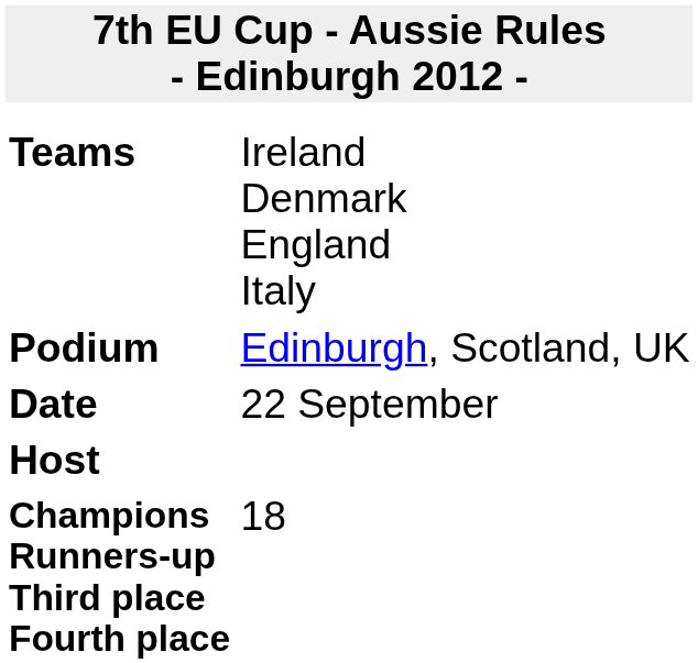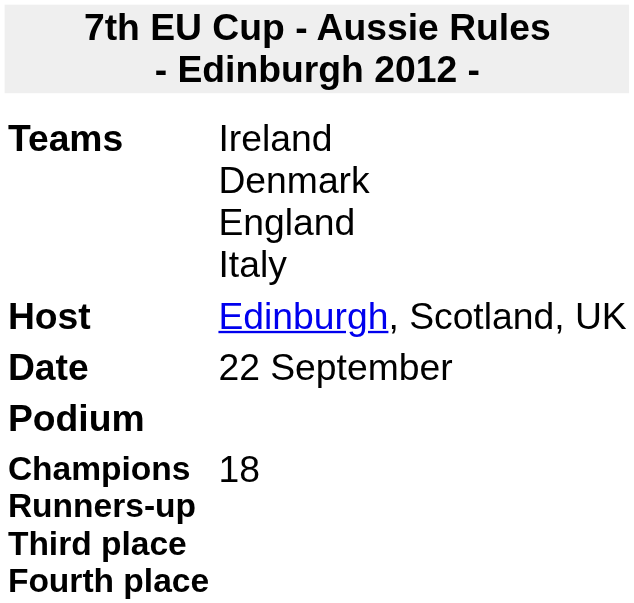 <table class="toccolours" style="float: right; margin: 0 0 1em 1em;">
 <tr>
 <td colspan="2" style="background: #efefef; text-align: center;"><strong>7th EU Cup - Aussie Rules <br>- Edinburgh 2012 -</strong></td>
 </tr>
 <tr>
 <td colspan="2" style="text-align: center;"></td>
 </tr>
 <tr style="vertical-align:top;">
 <th colspan=2></th>
 </tr>
 <tr style="vertical-align:top;">
 <td><strong>Teams</strong></td>
 <td> Ireland<br> Denmark<br> England<br> Italy</td>
 </tr>
 <tr style="vertical-align:top;">
-<td><strong>Podium</strong></td>
+<td><strong>Host</strong></td>
 <td><a href='#'>Edinburgh</a>, Scotland, UK</td>
 </tr>
 <tr style="vertical-align:top;">
 <td><strong>Date</strong></td>
 <td>22 September</td>
 </tr>
 <tr style="vertical-align:top;">
-<td><strong>Host</strong></td>
+<td><strong>Podium</strong></td>
 </tr>
 <tr style="vertical-align:top;">
 <td style=font-size:90%><strong>Champions</strong> <br><strong>Runners-up</strong> <br><strong>Third place</strong> <br><strong>Fourth place</strong></td>
 <td>18</td>
 </tr>
 </table>
